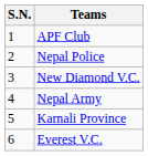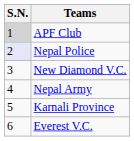 <table class="wikitable">
 <tr>
 <th>S.N.</th>
 <th>Teams</th>
 </tr>
 <tr>
-<td>1</td>
+<td style="background: lightgrey;">1</td>
 <td><a href='#'>APF Club</a></td>
 </tr>
 <tr>
-<td>2</td>
+<td style="background: lavender;">2</td>
 <td><a href='#'>Nepal Police</a></td>
 </tr>
 <tr>
 <td>3</td>
 <td><a href='#'>New Diamond V.C.</a></td>
 </tr>
 <tr>
 <td>4</td>
 <td><a href='#'>Nepal Army</a></td>
 </tr>
 <tr>
 <td>5</td>
 <td><a href='#'>Karnali Province</a></td>
 </tr>
 <tr>
 <td>6</td>
 <td><a href='#'>Everest V.C.</a></td>
 </tr>
 </table>
